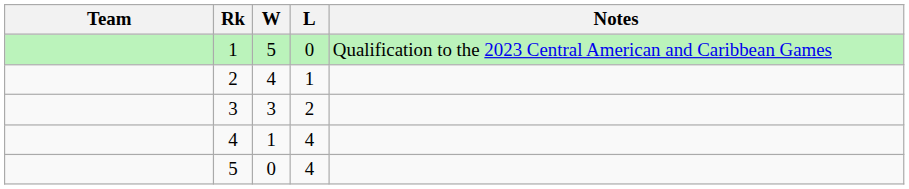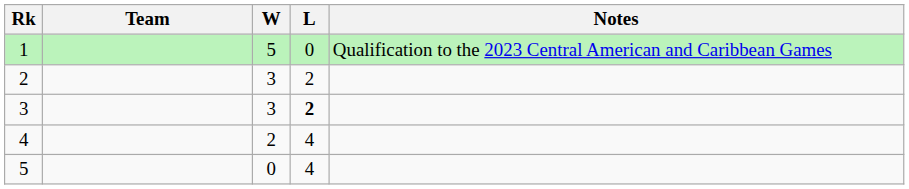 <table class=wikitable style=text-align:center>
 <tr>
+<th width=25>Rk</th>
 <th width=170>Team</th>
-<th width=25>Rk</th>
 <th width=25>W</th>
 <th width=25>L</th>
 <th width=175 style=width:30em>Notes</th>
 </tr>
 <tr style="background-color:#BBF3BB">
+<td>1</td>
 <td align="left"></td>
-<td>1</td>
 <td>5</td>
 <td>0</td>
 <td align="left">Qualification to the <a href='#'>2023 Central American and Caribbean Games</a></td>
 </tr>
 <tr>
+<td>2</td>
 <td align="left"></td>
-<td>2</td>
-<td>4</td>
-<td>1</td>
-<td> </td>
-</tr>
-<tr>
-<td align="left"></td>
-<td>3</td>
 <td>3</td>
 <td>2</td>
 <td> </td>
 </tr>
 <tr>
+<td>3</td>
 <td align="left"></td>
+<td>3</td>
+<td><strong>2</strong></td>
+<td> </td>
+</tr>
+<tr>
 <td>4</td>
-<td>1</td>
+<td align="left"></td>
+<td>2</td>
 <td>4</td>
 <td> </td>
 </tr>
 <tr>
+<td>5</td>
 <td align="left"></td>
-<td>5</td>
 <td>0</td>
 <td>4</td>
 <td> </td>
 </tr>
 </table>
